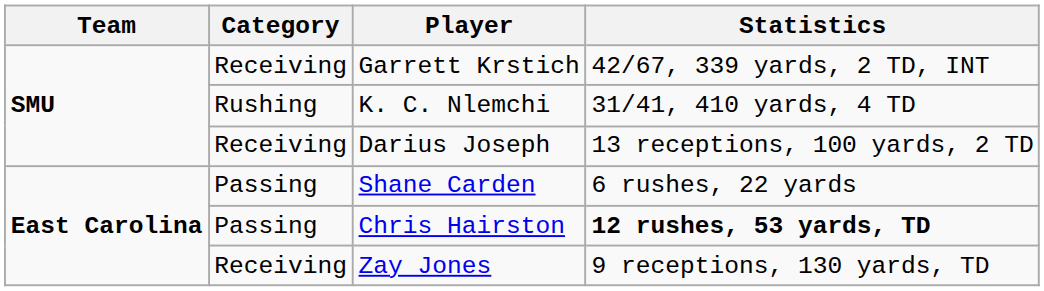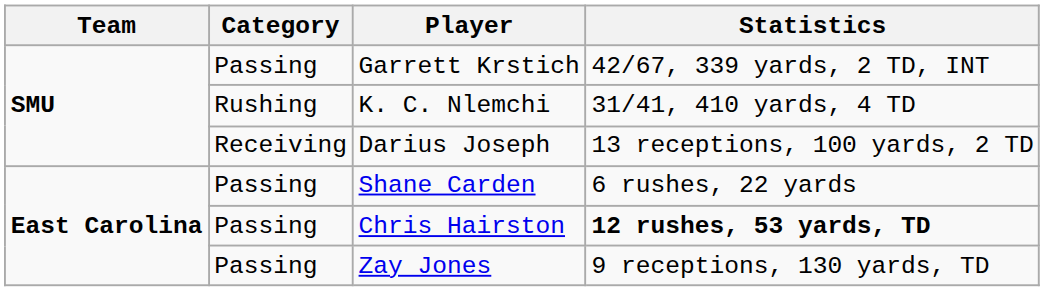 <table class="wikitable" style="float: left;">
 <tr>
 <th>Team</th>
 <th>Category</th>
 <th>Player</th>
 <th>Statistics</th>
 </tr>
 <tr>
 <td rowspan=3><strong>SMU</strong></td>
-<td>Receiving</td>
+<td>Passing</td>
 <td>Garrett Krstich</td>
 <td>42/67, 339 yards, 2 TD, INT</td>
 </tr>
 <tr>
 <td>Rushing</td>
 <td>K. C. Nlemchi</td>
 <td>31/41, 410 yards, 4 TD</td>
 </tr>
 <tr>
 <td>Receiving</td>
 <td>Darius Joseph</td>
 <td>13 receptions, 100 yards, 2 TD</td>
 </tr>
 <tr>
 <td rowspan=3><strong>East Carolina</strong></td>
 <td>Passing</td>
 <td><a href='#'>Shane Carden</a></td>
 <td>6 rushes, 22 yards</td>
 </tr>
 <tr>
 <td>Passing</td>
 <td><a href='#'>Chris Hairston</a></td>
 <td><strong>12 rushes, 53 yards, TD</strong></td>
 </tr>
 <tr>
-<td>Receiving</td>
+<td>Passing</td>
 <td><a href='#'>Zay Jones</a></td>
 <td>9 receptions, 130 yards, TD</td>
 </tr>
 </table>
